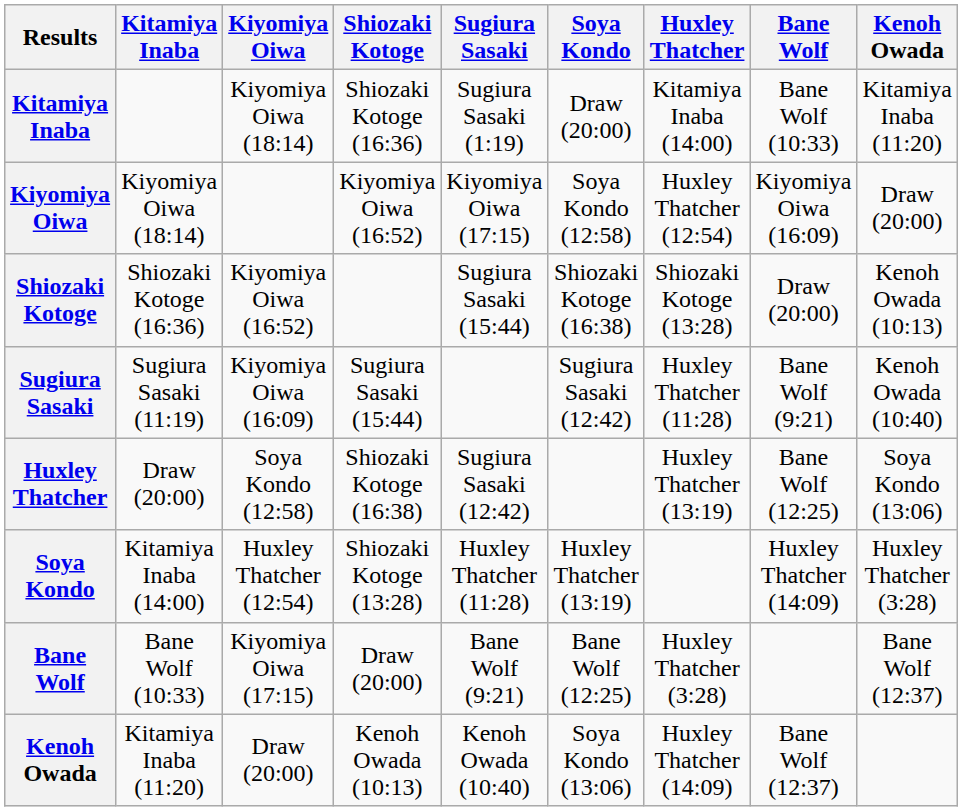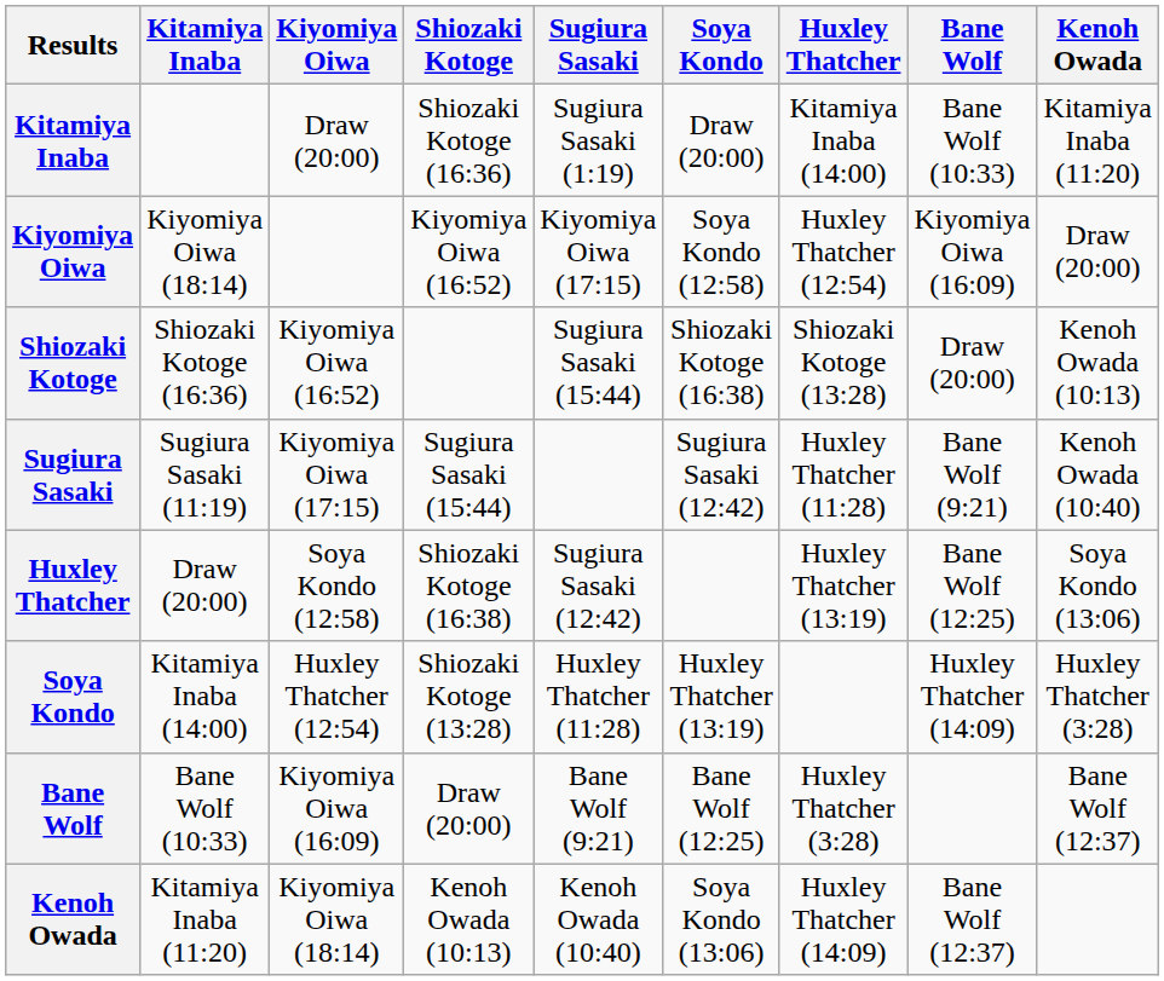 <table class="wikitable" style="text-align:center; margin: 1em auto 1em auto">
 <tr>
 <th>Results</th>
 <th><a href='#'>Kitamiya</a><br><a href='#'>Inaba</a></th>
 <th><a href='#'>Kiyomiya</a><br><a href='#'>Oiwa</a></th>
 <th><a href='#'>Shiozaki</a><br><a href='#'>Kotoge</a></th>
 <th><a href='#'>Sugiura</a><br><a href='#'>Sasaki</a></th>
 <th><a href='#'>Soya</a><br><a href='#'>Kondo</a></th>
 <th><a href='#'>Huxley</a><br><a href='#'>Thatcher</a></th>
 <th><a href='#'>Bane</a><br><a href='#'>Wolf</a></th>
 <th><a href='#'>Kenoh</a><br>Owada</th>
 </tr>
 <tr>
 <th><a href='#'>Kitamiya</a><br><a href='#'>Inaba</a></th>
 <td></td>
-<td>Kiyomiya<br>Oiwa<br>(18:14)</td>
+<td>Draw<br>(20:00)</td>
 <td>Shiozaki<br>Kotoge<br>(16:36)</td>
 <td>Sugiura<br>Sasaki<br>(1:19)</td>
 <td>Draw<br>(20:00)</td>
 <td>Kitamiya<br>Inaba<br>(14:00)</td>
 <td>Bane<br>Wolf<br>(10:33)</td>
 <td>Kitamiya<br>Inaba<br>(11:20)</td>
 </tr>
 <tr>
 <th><a href='#'>Kiyomiya</a><br><a href='#'>Oiwa</a></th>
 <td>Kiyomiya<br>Oiwa<br>(18:14)</td>
 <td></td>
 <td>Kiyomiya<br>Oiwa<br>(16:52)</td>
 <td>Kiyomiya<br>Oiwa<br>(17:15)</td>
 <td>Soya<br>Kondo<br>(12:58)</td>
 <td>Huxley<br>Thatcher<br>(12:54)</td>
 <td>Kiyomiya<br>Oiwa<br>(16:09)</td>
 <td>Draw<br>(20:00)</td>
 </tr>
 <tr>
 <th><a href='#'>Shiozaki</a><br><a href='#'>Kotoge</a></th>
 <td>Shiozaki<br>Kotoge<br>(16:36)</td>
 <td>Kiyomiya<br>Oiwa<br>(16:52)</td>
 <td></td>
 <td>Sugiura<br>Sasaki<br>(15:44)</td>
 <td>Shiozaki<br>Kotoge<br>(16:38)</td>
 <td>Shiozaki<br>Kotoge<br>(13:28)</td>
 <td>Draw<br>(20:00)</td>
 <td>Kenoh<br>Owada<br>(10:13)</td>
 </tr>
 <tr>
 <th><a href='#'>Sugiura</a><br><a href='#'>Sasaki</a></th>
 <td>Sugiura<br>Sasaki<br>(11:19)</td>
-<td>Kiyomiya<br>Oiwa<br>(16:09)</td>
+<td>Kiyomiya<br>Oiwa<br>(17:15)</td>
 <td>Sugiura<br>Sasaki<br>(15:44)</td>
 <td></td>
 <td>Sugiura<br>Sasaki<br>(12:42)</td>
 <td>Huxley<br>Thatcher<br>(11:28)</td>
 <td>Bane<br>Wolf<br>(9:21)</td>
 <td>Kenoh<br>Owada<br>(10:40)</td>
 </tr>
 <tr>
 <th><a href='#'>Huxley</a><br><a href='#'>Thatcher</a></th>
 <td>Draw<br>(20:00)</td>
 <td>Soya<br>Kondo<br>(12:58)</td>
 <td>Shiozaki<br>Kotoge<br>(16:38)</td>
 <td>Sugiura<br>Sasaki<br>(12:42)</td>
 <td></td>
 <td>Huxley<br>Thatcher<br>(13:19)</td>
 <td>Bane<br>Wolf<br>(12:25)</td>
 <td>Soya<br>Kondo<br>(13:06)</td>
 </tr>
 <tr>
 <th><a href='#'>Soya</a><br><a href='#'>Kondo</a></th>
 <td>Kitamiya<br>Inaba<br>(14:00)</td>
 <td>Huxley<br>Thatcher<br>(12:54)</td>
 <td>Shiozaki<br>Kotoge<br>(13:28)</td>
 <td>Huxley<br>Thatcher<br>(11:28)</td>
 <td>Huxley<br>Thatcher<br>(13:19)</td>
 <td></td>
 <td>Huxley<br>Thatcher<br>(14:09)</td>
 <td>Huxley<br>Thatcher<br>(3:28)</td>
 </tr>
 <tr>
 <th><a href='#'>Bane</a><br><a href='#'>Wolf</a></th>
 <td>Bane<br>Wolf<br>(10:33)</td>
-<td>Kiyomiya<br>Oiwa<br>(17:15)</td>
+<td>Kiyomiya<br>Oiwa<br>(16:09)</td>
 <td>Draw<br>(20:00)</td>
 <td>Bane<br>Wolf<br>(9:21)</td>
 <td>Bane<br>Wolf<br>(12:25)</td>
 <td>Huxley<br>Thatcher<br>(3:28)</td>
 <td></td>
 <td>Bane<br>Wolf<br>(12:37)</td>
 </tr>
 <tr>
 <th><a href='#'>Kenoh</a><br>Owada</th>
 <td>Kitamiya<br>Inaba<br>(11:20)</td>
-<td>Draw<br>(20:00)</td>
+<td>Kiyomiya<br>Oiwa<br>(18:14)</td>
 <td>Kenoh<br>Owada<br>(10:13)</td>
 <td>Kenoh<br>Owada<br>(10:40)</td>
 <td>Soya<br>Kondo<br>(13:06)</td>
 <td>Huxley<br>Thatcher<br>(14:09)</td>
 <td>Bane<br>Wolf<br>(12:37)</td>
 <td></td>
 </tr>
 </table>
